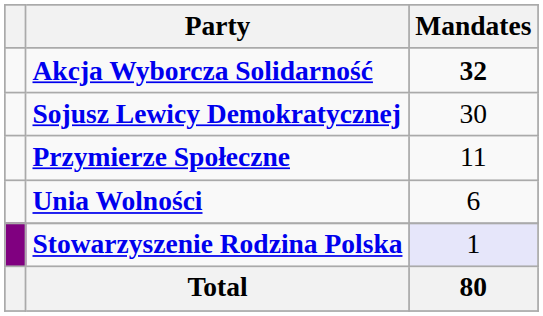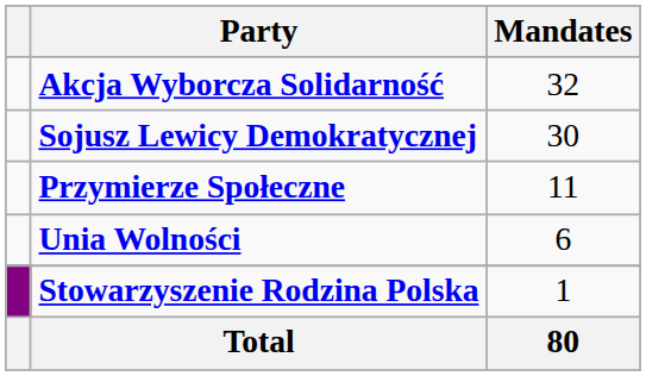 <table class="wikitable">
 <tr>
 <th width=5></th>
 <th>Party</th>
 <th>Mandates</th>
 </tr>
 <tr>
 <td style="background:"></td>
 <td><strong><a href='#'>Akcja Wyborcza Solidarność</a></strong></td>
-<td align="center"><strong>32</strong></td>
+<td align="center">32</td>
 </tr>
 <tr>
 <td style="background:"></td>
 <td><strong><a href='#'>Sojusz Lewicy Demokratycznej</a></strong></td>
 <td align="center">30</td>
 </tr>
 <tr>
 <td style="background:"></td>
 <td><strong><a href='#'>Przymierze Społeczne</a></strong></td>
 <td align="center">11</td>
 </tr>
 <tr>
 <td style="background:"></td>
 <td><strong><a href='#'>Unia Wolności</a></strong></td>
 <td align="center">6</td>
 </tr>
 <tr bgcolor="#ececec">
 </tr>
 <tr>
 <td style="background:purple"></td>
 <td><strong><a href='#'>Stowarzyszenie Rodzina Polska</a></strong></td>
-<td align="center" style="background: lavender;">1</td>
+<td align="center">1</td>
 </tr>
 <tr bgcolor="#ececec">
 <th></th>
 <th>Total</th>
 <th align="center">80</th>
 </tr>
 </table>
